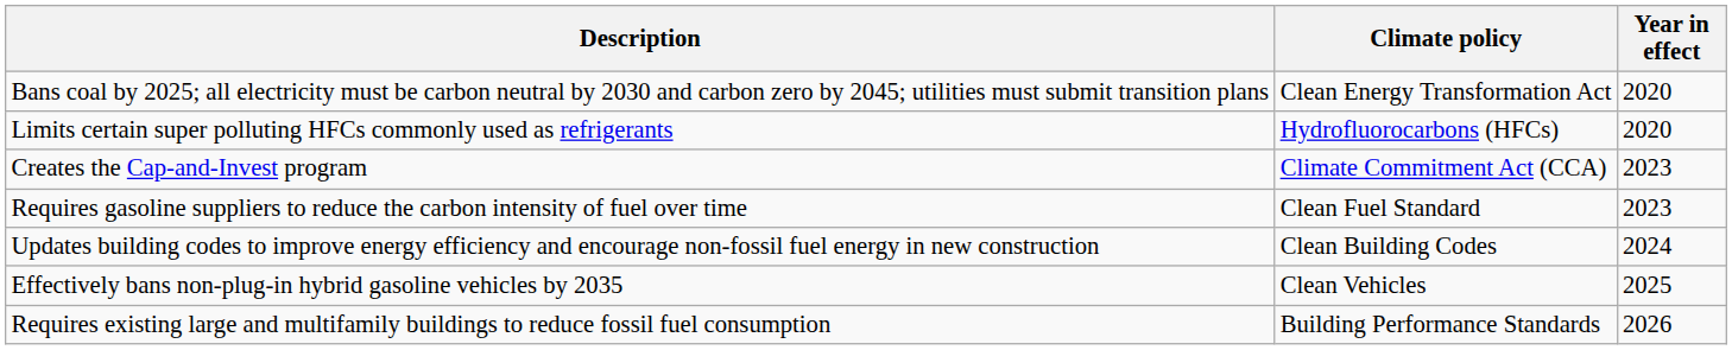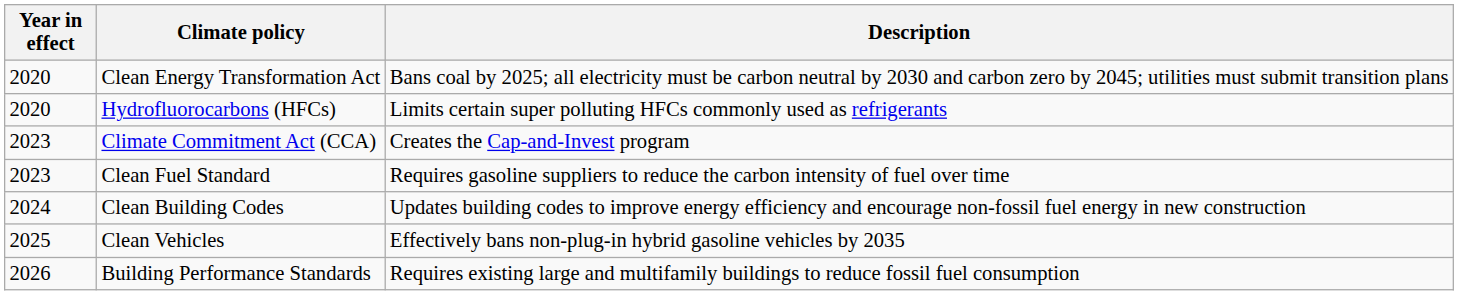 <table class="wikitable">
 <tr>
+<th style=max-width:4em>Year in effect</th>
+<th>Climate policy</th>
 <th>Description</th>
-<th>Climate policy</th>
-<th style=max-width:4em>Year in effect</th>
 </tr>
 <tr>
+<td>2020</td>
+<td>Clean Energy Transformation Act</td>
 <td>Bans coal by 2025; all electricity must be carbon neutral by 2030 and carbon zero by 2045; utilities must submit transition plans</td>
-<td>Clean Energy Transformation Act</td>
-<td>2020</td>
 </tr>
 <tr>
+<td>2020</td>
+<td><a href='#'>Hydrofluorocarbons</a> (HFCs)</td>
 <td>Limits certain super polluting HFCs commonly used as <a href='#'>refrigerants</a></td>
-<td><a href='#'>Hydrofluorocarbons</a> (HFCs)</td>
-<td>2020</td>
 </tr>
 <tr>
+<td>2023</td>
+<td><a href='#'>Climate Commitment Act</a> (CCA)</td>
 <td>Creates the <a href='#'>Cap-and-Invest</a> program</td>
-<td><a href='#'>Climate Commitment Act</a> (CCA)</td>
-<td>2023</td>
 </tr>
 <tr>
+<td>2023</td>
+<td>Clean Fuel Standard</td>
 <td>Requires gasoline suppliers to reduce the carbon intensity of fuel over time</td>
-<td>Clean Fuel Standard</td>
-<td>2023</td>
 </tr>
 <tr>
+<td>2024</td>
+<td>Clean Building Codes</td>
 <td>Updates building codes to improve energy efficiency and encourage non-fossil fuel energy in new construction</td>
-<td>Clean Building Codes</td>
-<td>2024</td>
 </tr>
 <tr>
+<td>2025</td>
+<td>Clean Vehicles</td>
 <td>Effectively bans non-plug-in hybrid gasoline vehicles by 2035</td>
-<td>Clean Vehicles</td>
-<td>2025</td>
 </tr>
 <tr>
+<td>2026</td>
+<td>Building Performance Standards</td>
 <td>Requires existing large and multifamily buildings to reduce fossil fuel consumption</td>
-<td>Building Performance Standards</td>
-<td>2026</td>
 </tr>
 </table>
